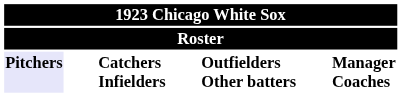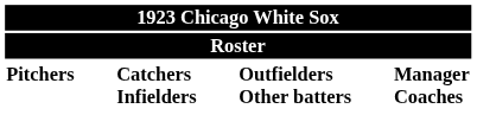 <table class="toccolours" style="font-size: 95%;">
 <tr>
 <th colspan="10" style="background-color: black; color: white; text-align: center;">1923 Chicago White Sox</th>
 </tr>
 <tr>
 <td colspan="10" style="background-color: black; color: white; text-align: center;"><strong>Roster</strong></td>
 </tr>
 <tr>
-<td valign="top" style="background: lavender;"><strong>Pitchers</strong><br>                </td>
+<td valign="top"><strong>Pitchers</strong><br>                </td>
 <td width="25px"></td>
 <td valign="top"><strong>Catchers</strong><br>    <strong>Infielders</strong>       </td>
 <td width="25px"></td>
 <td valign="top"><strong>Outfielders</strong><br>       <strong>Other batters</strong>   </td>
 <td width="25px"></td>
 <td valign="top"><strong>Manager</strong><br> <strong>Coaches</strong> </td>
 </tr>
 </table>
